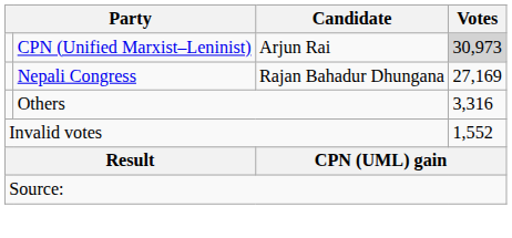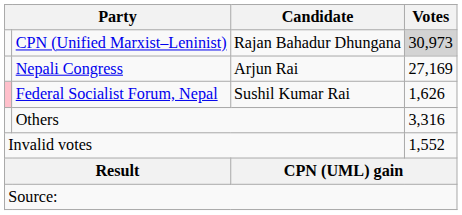 <table class="wikitable">
 <tr>
 <th colspan="2">Party</th>
 <th>Candidate</th>
 <th>Votes</th>
 </tr>
 <tr>
 <td style="background-color:"></td>
 <td><a href='#'>CPN (Unified Marxist–Leninist)</a></td>
-<td>Arjun Rai</td>
+<td>Rajan Bahadur Dhungana</td>
 <td style="background: lightgrey;">30,973</td>
 </tr>
 <tr>
 <td style="background-color:"></td>
 <td><a href='#'>Nepali Congress</a></td>
-<td>Rajan Bahadur Dhungana</td>
+<td>Arjun Rai</td>
 <td>27,169</td>
+</tr>
+<tr>
+<td style="background-color:pink"></td>
+<td><a href='#'>Federal Socialist Forum, Nepal</a></td>
+<td>Sushil Kumar Rai</td>
+<td>1,626</td>
 </tr>
 <tr>
 <td></td>
 <td colspan="2">Others</td>
 <td>3,316</td>
 </tr>
 <tr>
 <td colspan="3">Invalid votes</td>
 <td>1,552</td>
 </tr>
 <tr>
 <th colspan="2">Result</th>
 <th colspan="2">CPN (UML) gain</th>
 </tr>
 <tr>
 <td colspan="4">Source: </td>
 </tr>
 </table>
